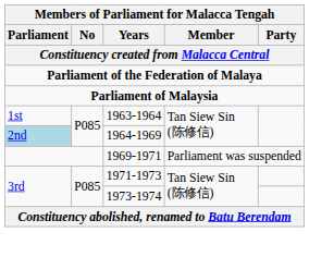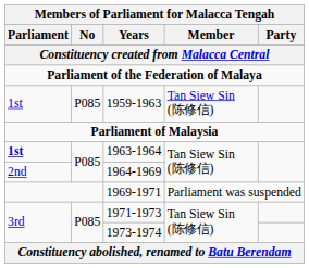 <table class=wikitable>
 <tr>
 <th colspan="5">Members of Parliament for Malacca Tengah</th>
 </tr>
 <tr>
 <th>Parliament</th>
 <th>No</th>
 <th>Years</th>
 <th>Member</th>
 <th>Party</th>
 </tr>
 <tr>
 <th colspan="5" align="center"><em>Constituency created from <a href='#'>Malacca Central</a></em></th>
 </tr>
 <tr>
 <td colspan="5" align="center"><strong>Parliament of the Federation of Malaya</strong></td>
 </tr>
 <tr>
+<td><a href='#'>1st</a></td>
+<td>P085</td>
+<td>1959-1963</td>
+<td><a href='#'>Tan Siew Sin</a> <br> (陈修信)</td>
+<td></td>
+</tr>
+<tr>
 <td colspan="5" align="center"><strong>Parliament of Malaysia</strong></td>
 </tr>
 <tr>
-<td><a href='#'>1st</a></td>
+<td><strong><a href='#'>1st</a></strong></td>
 <td rowspan="2">P085</td>
 <td>1963-1964</td>
 <td rowspan=2>Tan Siew Sin  <br>(陈修信)</td>
 <td rowspan="2"></td>
 </tr>
 <tr>
-<td style="background: lightblue;"><a href='#'>2nd</a></td>
+<td><a href='#'>2nd</a></td>
 <td>1964-1969</td>
 </tr>
 <tr>
 <td colspan="2"></td>
 <td>1969-1971</td>
 <td colspan=2 align=center>Parliament was suspended</td>
 </tr>
 <tr>
 <td rowspan=2><a href='#'>3rd</a></td>
 <td rowspan="2">P085</td>
 <td>1971-1973</td>
 <td rowspan=2>Tan Siew Sin <br> (陈修信)</td>
 <td></td>
 </tr>
 <tr>
 <td>1973-1974</td>
 <td></td>
 </tr>
 <tr>
 <th colspan="5" align="center"><em>Constituency abolished, renamed to <a href='#'>Batu Berendam</a></em></th>
 </tr>
 </table>
